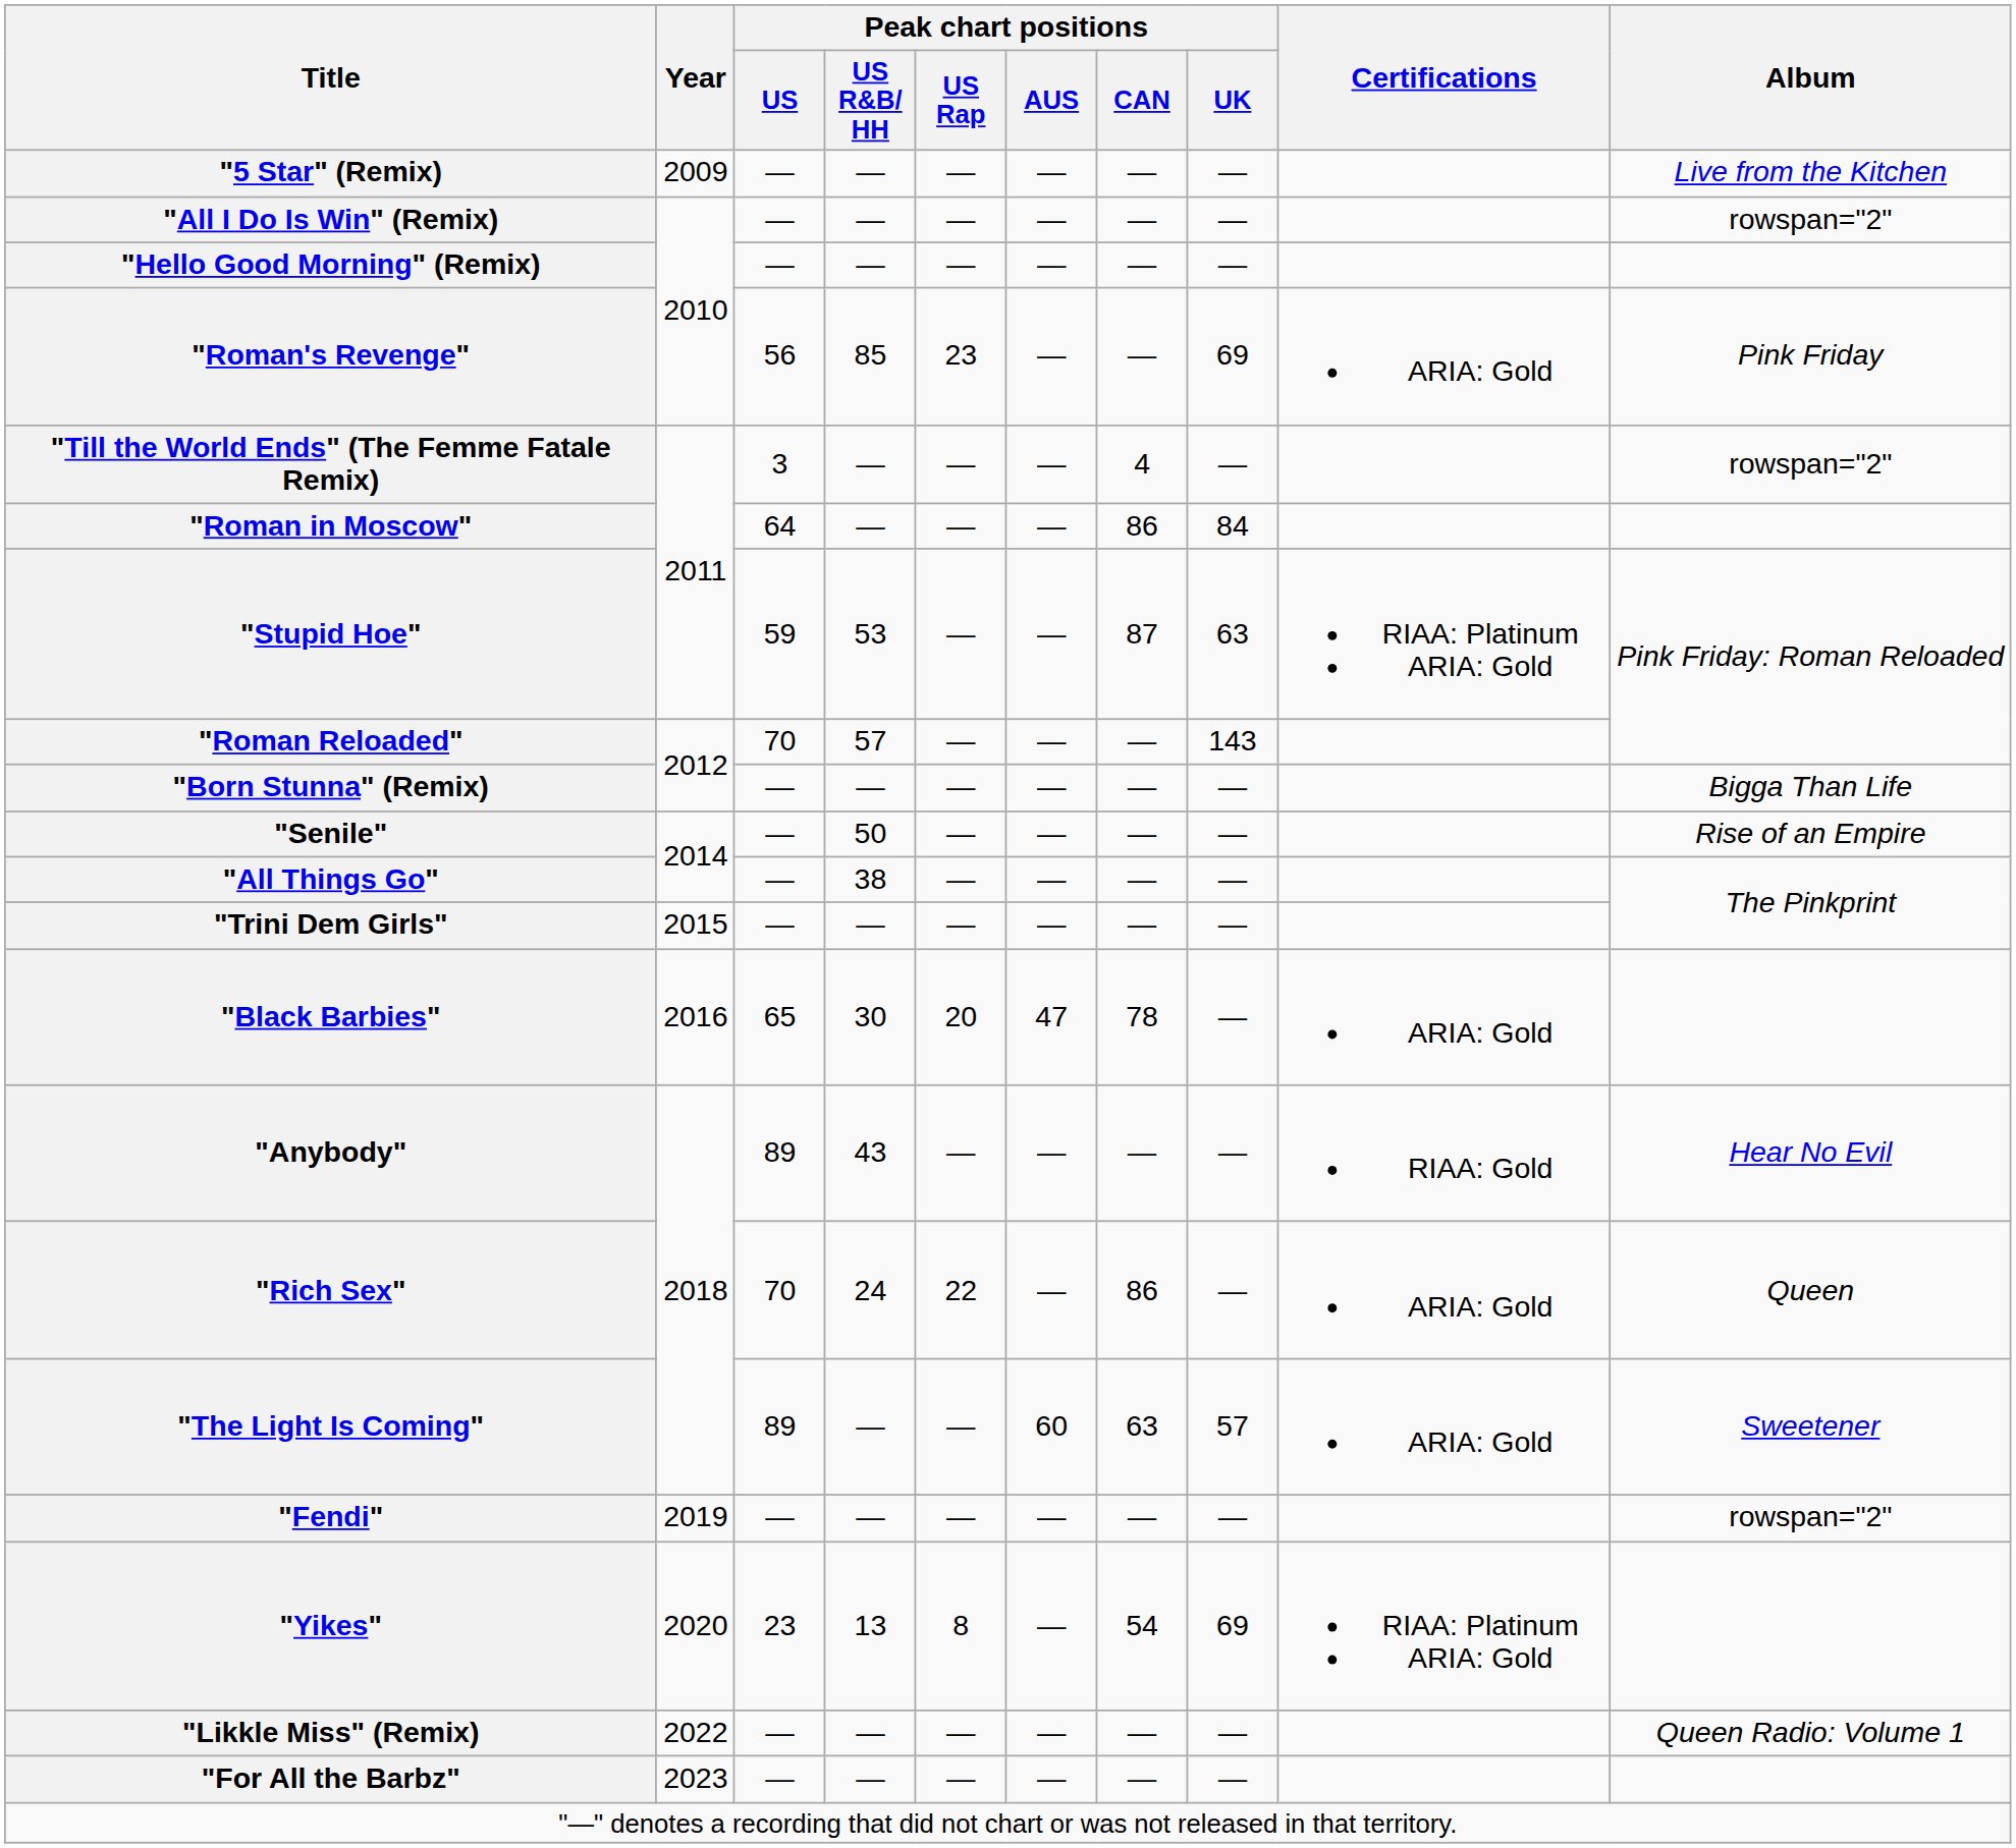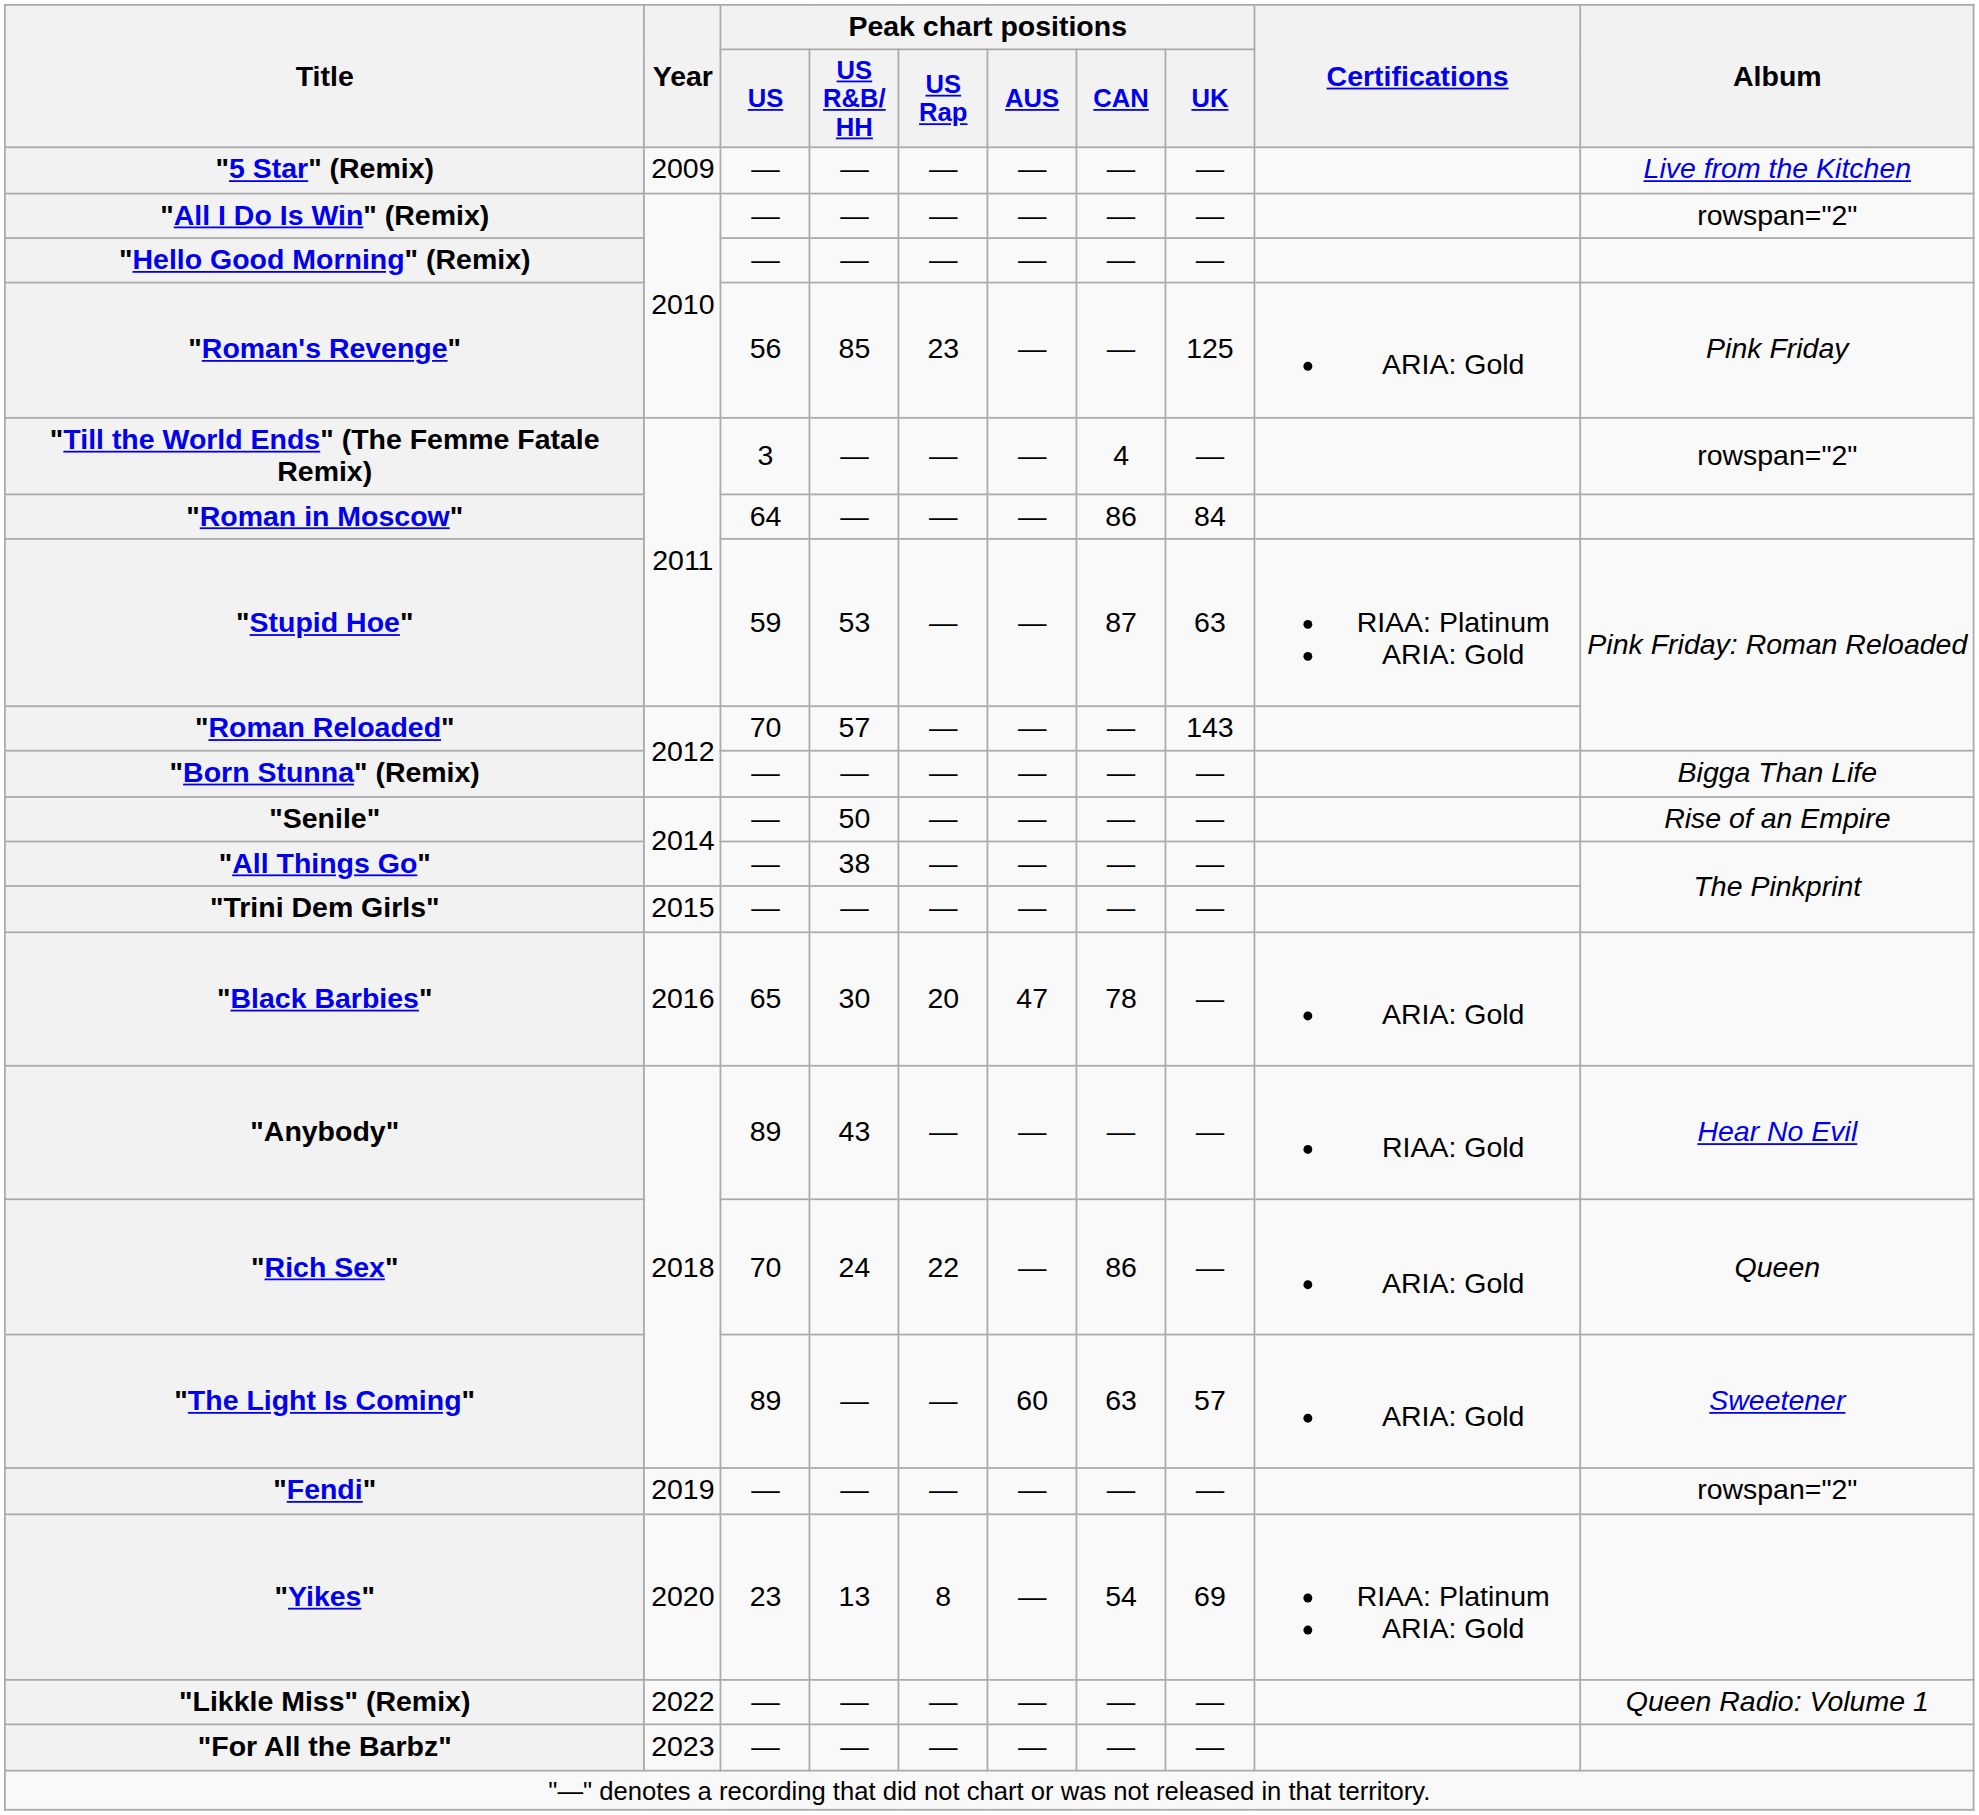 <table class="wikitable plainrowheaders" style="text-align:center;">
 <tr>
 <th scope="col" rowspan="2" style="width:22em;">Title</th>
 <th scope="col" rowspan="2">Year</th>
 <th scope="col" colspan="6">Peak chart positions</th>
 <th scope="col" rowspan="2" style="width:11em;"><a href='#'>Certifications</a></th>
 <th scope="col" rowspan="2">Album</th>
 </tr>
 <tr>
 <th scope="col" style="width:3em;font-size:90%;"><a href='#'>US</a><br></th>
 <th scope="col" style="width:3em;font-size:90%;"><a href='#'>US<br>R&B/<br>HH</a><br></th>
 <th scope="col" style="width:3em;font-size:90%;"><a href='#'>US<br>Rap</a><br></th>
 <th scope="col" style="width:3em;font-size:90%;"><a href='#'>AUS</a><br></th>
 <th scope="col" style="width:3em;font-size:90%;"><a href='#'>CAN</a><br></th>
 <th scope="col" style="width:3em;font-size:90%;"><a href='#'>UK</a><br></th>
 </tr>
 <tr>
 <th scope="row">"<a href='#'>5 Star</a>" (Remix)<br></th>
 <td>2009</td>
 <td>—</td>
 <td>—</td>
 <td>—</td>
 <td>—</td>
 <td>—</td>
 <td>—</td>
 <td></td>
 <td><em><a href='#'>Live from the Kitchen</a></em></td>
 </tr>
 <tr>
 <th scope="row">"<a href='#'>All I Do Is Win</a>" (Remix)<br></th>
 <td rowspan="3">2010</td>
 <td>—</td>
 <td>—</td>
 <td>—</td>
 <td>—</td>
 <td>—</td>
 <td>—</td>
 <td></td>
 <td>rowspan="2" </td>
 </tr>
 <tr>
 <th scope="row">"<a href='#'>Hello Good Morning</a>" (Remix)<br></th>
 <td>—</td>
 <td>—</td>
 <td>—</td>
 <td>—</td>
 <td>—</td>
 <td>—</td>
 <td></td>
 </tr>
 <tr>
 <th scope="row">"<a href='#'>Roman's Revenge</a>"<br></th>
 <td>56</td>
 <td>85</td>
 <td>23</td>
 <td>—</td>
 <td>—</td>
-<td>69</td>
+<td>125</td>
 <td><br><ul><li>ARIA: Gold</li></ul></td>
 <td><em>Pink Friday</em></td>
 </tr>
 <tr>
 <th scope="row">"<a href='#'>Till the World Ends</a>" (The Femme Fatale Remix)<br></th>
 <td rowspan="3">2011</td>
 <td>3</td>
 <td>—</td>
 <td>—</td>
 <td>—</td>
 <td>4</td>
 <td>—</td>
 <td></td>
 <td>rowspan="2" </td>
 </tr>
 <tr>
 <th scope="row">"<a href='#'>Roman in Moscow</a>"</th>
 <td>64</td>
 <td>—</td>
 <td>—</td>
 <td>—</td>
 <td>86</td>
 <td>84</td>
 <td></td>
 </tr>
 <tr>
 <th scope="row">"<a href='#'>Stupid Hoe</a>"</th>
 <td>59</td>
 <td>53</td>
 <td>—</td>
 <td>—</td>
 <td>87</td>
 <td>63</td>
 <td><br><ul><li>RIAA: Platinum</li><li>ARIA: Gold</li></ul></td>
 <td rowspan="2"><em>Pink Friday: Roman Reloaded</em></td>
 </tr>
 <tr>
 <th scope="row">"<a href='#'>Roman Reloaded</a>"<br></th>
 <td rowspan="2">2012</td>
 <td>70</td>
 <td>57</td>
 <td>—</td>
 <td>—</td>
 <td>—</td>
 <td>143</td>
 <td></td>
 </tr>
 <tr>
 <th scope="row">"<a href='#'>Born Stunna</a>" (Remix)<br></th>
 <td>—</td>
 <td>—</td>
 <td>—</td>
 <td>—</td>
 <td>—</td>
 <td>—</td>
 <td></td>
 <td><em>Bigga Than Life</em></td>
 </tr>
 <tr>
 <th scope="row">"Senile"<br></th>
 <td rowspan="2">2014</td>
 <td>—</td>
 <td>50</td>
 <td>—</td>
 <td>—</td>
 <td>—</td>
 <td>—</td>
 <td></td>
 <td><em>Rise of an Empire</em></td>
 </tr>
 <tr>
 <th scope="row">"<a href='#'>All Things Go</a>"</th>
 <td>—</td>
 <td>38</td>
 <td>—</td>
 <td>—</td>
 <td>—</td>
 <td>—</td>
 <td></td>
 <td rowspan="2"><em>The Pinkprint</em></td>
 </tr>
 <tr>
 <th scope="row">"Trini Dem Girls"<br></th>
 <td>2015</td>
 <td>—</td>
 <td>—</td>
 <td>—</td>
 <td>—</td>
 <td>—</td>
 <td>—</td>
 </tr>
 <tr>
 <th scope="row">"<a href='#'>Black Barbies</a>"<br></th>
 <td>2016</td>
 <td>65</td>
 <td>30</td>
 <td>20</td>
 <td>47</td>
 <td>78</td>
 <td>—</td>
 <td><br><ul><li>ARIA: Gold</li></ul></td>
 <td></td>
 </tr>
 <tr>
 <th scope="row">"Anybody"<br></th>
 <td rowspan="3">2018</td>
 <td>89</td>
 <td>43</td>
 <td>—</td>
 <td>—</td>
 <td>—</td>
 <td>—</td>
 <td><br><ul><li>RIAA: Gold</li></ul></td>
 <td><em><a href='#'>Hear No Evil</a></em></td>
 </tr>
 <tr>
 <th scope="row">"<a href='#'>Rich Sex</a>"<br></th>
 <td>70</td>
 <td>24</td>
 <td>22</td>
 <td>—</td>
 <td>86</td>
 <td>—</td>
 <td><br><ul><li>ARIA: Gold</li></ul></td>
 <td><em>Queen</em></td>
 </tr>
 <tr>
 <th scope="row">"<a href='#'>The Light Is Coming</a>"<br></th>
 <td>89</td>
 <td>—</td>
 <td>—</td>
 <td>60</td>
 <td>63</td>
 <td>57</td>
 <td><br><ul><li>ARIA: Gold</li></ul></td>
 <td><em><a href='#'>Sweetener</a></em></td>
 </tr>
 <tr>
 <th scope="row">"<a href='#'>Fendi</a>"<br></th>
 <td>2019</td>
 <td>—</td>
 <td>—</td>
 <td>—</td>
 <td>—</td>
 <td>—</td>
 <td>—</td>
 <td></td>
 <td>rowspan="2" </td>
 </tr>
 <tr>
 <th scope="row">"<a href='#'>Yikes</a>"</th>
 <td>2020</td>
 <td>23</td>
 <td>13</td>
 <td>8</td>
 <td>—</td>
 <td>54</td>
 <td>69</td>
 <td><br><ul><li>RIAA: Platinum</li><li>ARIA: Gold</li></ul></td>
 </tr>
 <tr>
 <th scope="row">"Likkle Miss" (Remix)<br></th>
 <td>2022</td>
 <td>—</td>
 <td>—</td>
 <td>—</td>
 <td>—</td>
 <td>—</td>
 <td>—</td>
 <td></td>
 <td><em>Queen Radio: Volume 1</em></td>
 </tr>
 <tr>
 <th scope="row">"For All the Barbz"<br></th>
 <td>2023</td>
 <td>—</td>
 <td>—</td>
 <td>—</td>
 <td>—</td>
 <td>—</td>
 <td>—</td>
 <td></td>
 <td></td>
 </tr>
 <tr>
 <td colspan="14" style="font-size:90%">"—" denotes a recording that did not chart or was not released in that territory.</td>
 </tr>
 </table>
